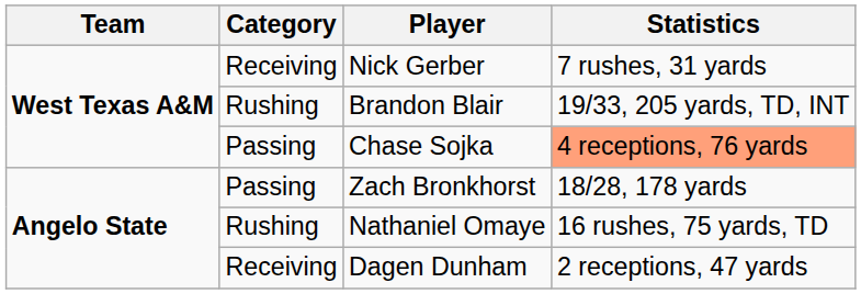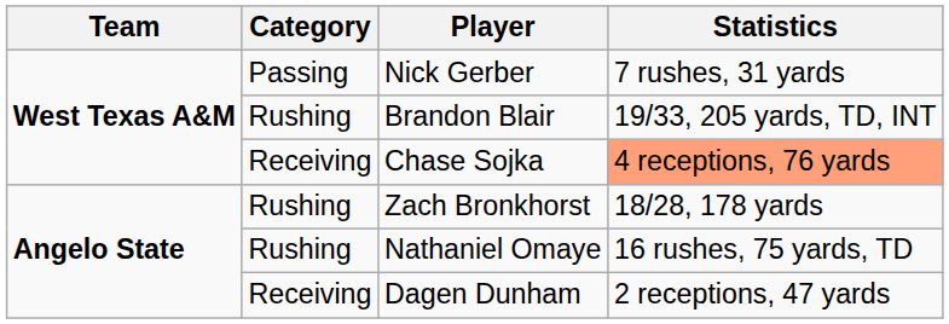 <table class="wikitable" style="float: right;">
 <tr>
 <th>Team</th>
 <th>Category</th>
 <th>Player</th>
 <th>Statistics</th>
 </tr>
 <tr>
 <td rowspan=3><strong>West Texas A&M</strong></td>
-<td>Receiving</td>
+<td>Passing</td>
 <td>Nick Gerber</td>
 <td>7 rushes, 31 yards</td>
 </tr>
 <tr>
 <td>Rushing</td>
 <td>Brandon Blair</td>
 <td>19/33, 205 yards, TD, INT</td>
 </tr>
 <tr>
-<td>Passing</td>
+<td>Receiving</td>
 <td>Chase Sojka</td>
 <td style="background: lightsalmon;">4 receptions, 76 yards</td>
 </tr>
 <tr>
 <td rowspan=3><strong>Angelo State</strong></td>
-<td>Passing</td>
+<td>Rushing</td>
 <td>Zach Bronkhorst</td>
 <td>18/28, 178 yards</td>
 </tr>
 <tr>
 <td>Rushing</td>
 <td>Nathaniel Omaye</td>
 <td>16 rushes, 75 yards, TD</td>
 </tr>
 <tr>
 <td>Receiving</td>
 <td>Dagen Dunham</td>
 <td>2 receptions, 47 yards</td>
 </tr>
 </table>
